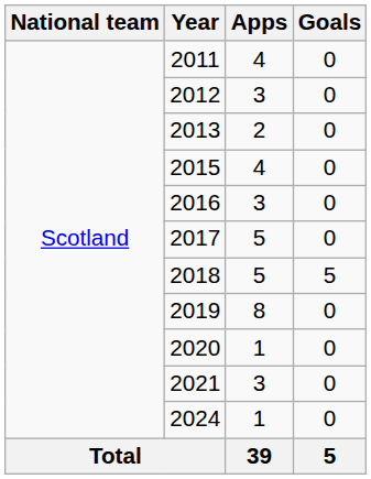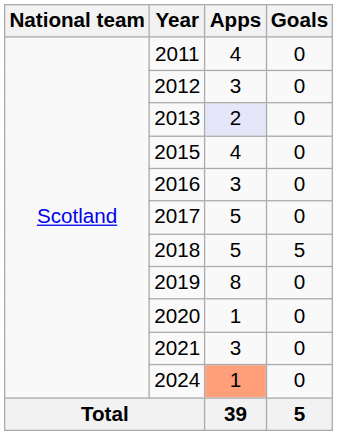 <table class=wikitable style="text-align:center">
 <tr>
 <th>National team</th>
 <th>Year</th>
 <th>Apps</th>
 <th>Goals</th>
 </tr>
 <tr>
 <td rowspan="11"><a href='#'>Scotland</a></td>
 <td>2011</td>
 <td>4</td>
 <td>0</td>
 </tr>
 <tr>
 <td>2012</td>
 <td>3</td>
 <td>0</td>
 </tr>
 <tr>
 <td>2013</td>
-<td>2</td>
+<td style="background: lavender;">2</td>
 <td>0</td>
 </tr>
 <tr>
 <td>2015</td>
 <td>4</td>
 <td>0</td>
 </tr>
 <tr>
 <td>2016</td>
 <td>3</td>
 <td>0</td>
 </tr>
 <tr>
 <td>2017</td>
 <td>5</td>
 <td>0</td>
 </tr>
 <tr>
 <td>2018</td>
 <td>5</td>
 <td>5</td>
 </tr>
 <tr>
 <td>2019</td>
 <td>8</td>
 <td>0</td>
 </tr>
 <tr>
 <td>2020</td>
 <td>1</td>
 <td>0</td>
 </tr>
 <tr>
 <td>2021</td>
 <td>3</td>
 <td>0</td>
 </tr>
 <tr>
 <td>2024</td>
-<td>1</td>
+<td style="background: lightsalmon;">1</td>
 <td>0</td>
 </tr>
 <tr>
 <th colspan="2">Total</th>
 <th>39</th>
 <th>5</th>
 </tr>
 </table>
